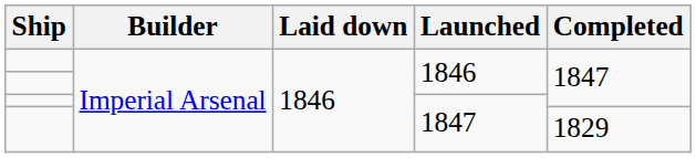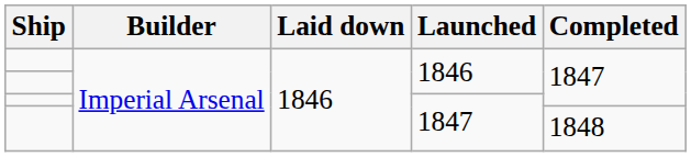 <table class="wikitable" border="1">
 <tr>
 <th>Ship</th>
 <th>Builder</th>
 <th>Laid down</th>
 <th>Launched</th>
 <th>Completed</th>
 </tr>
 <tr>
 <td></td>
 <td rowspan=4><a href='#'>Imperial Arsenal</a></td>
 <td rowspan=4>1846</td>
 <td rowspan=2>1846</td>
 <td rowspan=3>1847</td>
 </tr>
 <tr>
 <td></td>
 </tr>
 <tr>
 <td></td>
 <td rowspan=2>1847</td>
 </tr>
 <tr>
 <td></td>
-<td>1829</td>
+<td>1848</td>
 </tr>
 </table>
